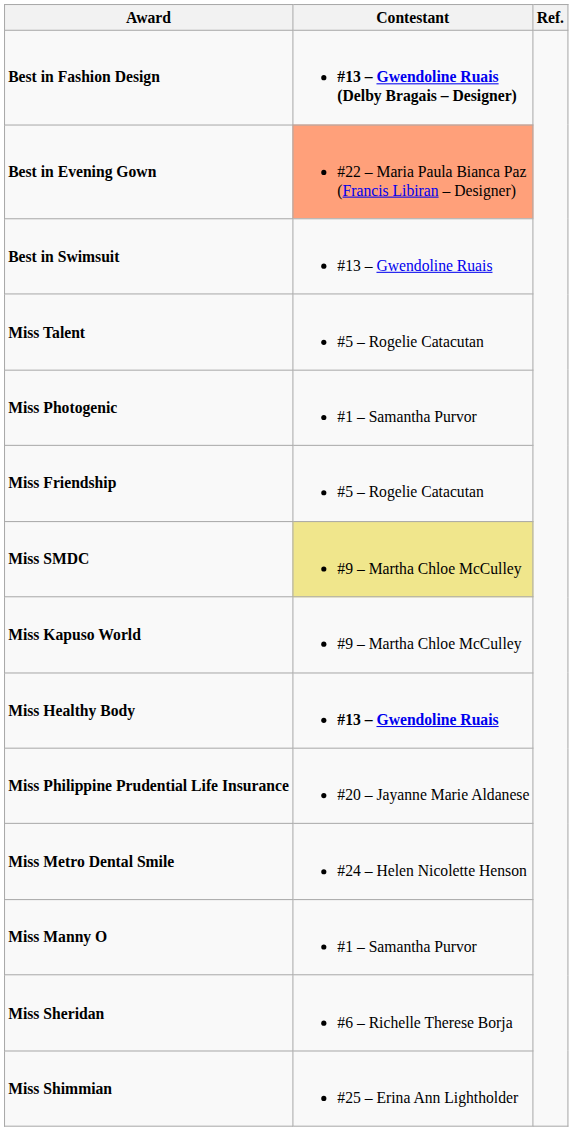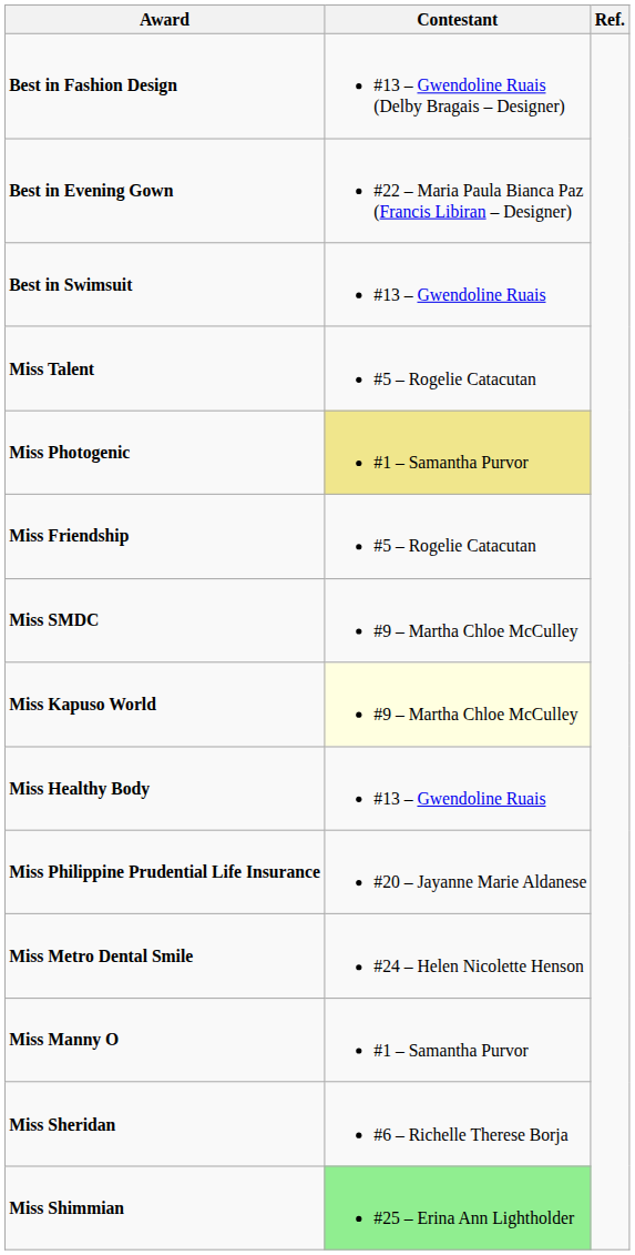 <table class="wikitable sortable" style="font-size: 95%;">
 <tr>
 <th>Award</th>
 <th>Contestant</th>
 <th>Ref.</th>
 </tr>
 <tr>
 <td><strong>Best in Fashion Design</strong></td>
-<td><strong><br><ul><li>#13 – <a href='#'>Gwendoline  Ruais</a><br>(Delby Bragais – Designer)</li></ul></strong></td>
+<td><br><ul><li>#13 – <a href='#'>Gwendoline  Ruais</a><br>(Delby Bragais – Designer)</li></ul></td>
 <td rowspan="14"></td>
 </tr>
 <tr>
 <td><strong>Best in Evening Gown</strong></td>
-<td style="background: lightsalmon;"><br><ul><li>#22 – Maria Paula Bianca Paz<br>(<a href='#'>Francis Libiran</a> – Designer)</li></ul></td>
+<td><br><ul><li>#22 – Maria Paula Bianca Paz<br>(<a href='#'>Francis Libiran</a> – Designer)</li></ul></td>
 </tr>
 <tr>
 <td><strong>Best in Swimsuit</strong></td>
 <td><br><ul><li>#13 – <a href='#'>Gwendoline Ruais</a></li></ul></td>
 </tr>
 <tr>
 <td><strong>Miss Talent</strong></td>
 <td><br><ul><li>#5 – Rogelie Catacutan</li></ul></td>
 </tr>
 <tr>
 <td><strong>Miss Photogenic</strong></td>
-<td><br><ul><li>#1 – Samantha Purvor</li></ul></td>
+<td style="background: khaki;"><br><ul><li>#1 – Samantha Purvor</li></ul></td>
 </tr>
 <tr>
 <td><strong>Miss Friendship</strong></td>
 <td><br><ul><li>#5 – Rogelie Catacutan</li></ul></td>
 </tr>
 <tr>
 <td><strong>Miss SMDC</strong></td>
-<td style="background: khaki;"><br><ul><li>#9 – Martha Chloe McCulley</li></ul></td>
+<td><br><ul><li>#9 – Martha Chloe McCulley</li></ul></td>
 </tr>
 <tr>
 <td><strong>Miss Kapuso World</strong></td>
-<td><br><ul><li>#9 – Martha Chloe McCulley</li></ul></td>
+<td style="background: lightyellow;"><br><ul><li>#9 – Martha Chloe McCulley</li></ul></td>
 </tr>
 <tr>
 <td><strong>Miss Healthy Body</strong></td>
-<td><strong><br><ul><li>#13 – <a href='#'>Gwendoline Ruais</a></li></ul></strong></td>
+<td><br><ul><li>#13 – <a href='#'>Gwendoline Ruais</a></li></ul></td>
 </tr>
 <tr>
 <td><strong>Miss Philippine Prudential Life Insurance</strong></td>
 <td><br><ul><li>#20 – Jayanne Marie Aldanese</li></ul></td>
 </tr>
 <tr>
 <td><strong>Miss Metro Dental Smile</strong></td>
 <td><br><ul><li>#24 – Helen Nicolette Henson</li></ul></td>
 </tr>
 <tr>
 <td><strong>Miss Manny O</strong></td>
 <td><br><ul><li>#1 – Samantha Purvor</li></ul></td>
 </tr>
 <tr>
 <td><strong>Miss Sheridan</strong></td>
 <td><br><ul><li>#6 – Richelle Therese Borja</li></ul></td>
 </tr>
 <tr>
 <td><strong>Miss Shimmian</strong></td>
-<td><br><ul><li>#25 – Erina Ann Lightholder</li></ul></td>
+<td style="background: lightgreen;"><br><ul><li>#25 – Erina Ann Lightholder</li></ul></td>
 </tr>
 </table>
